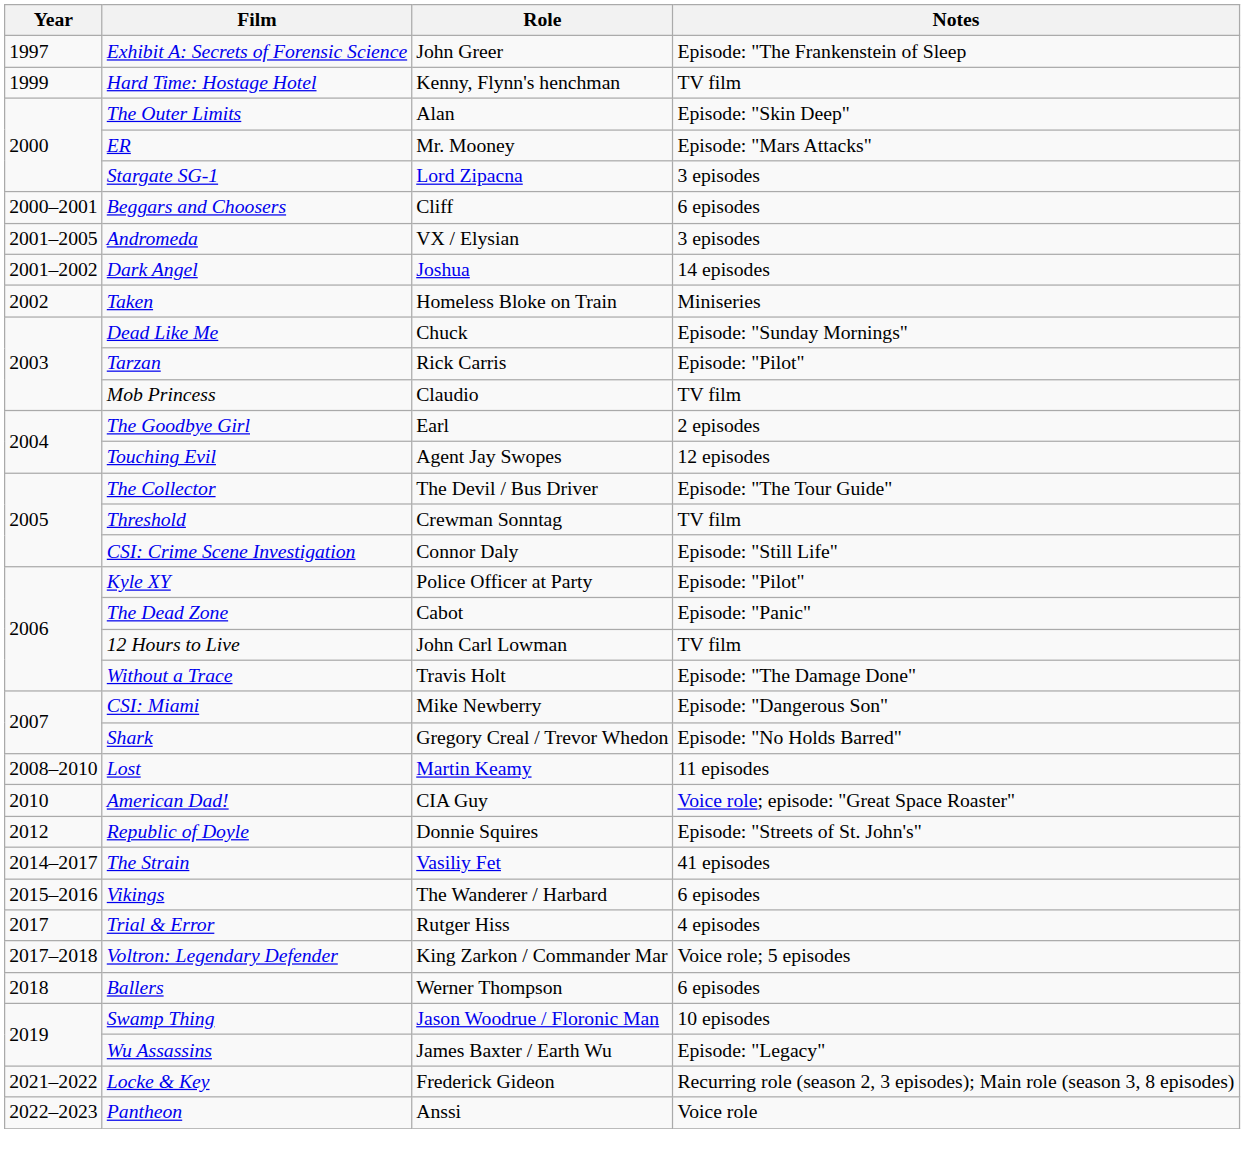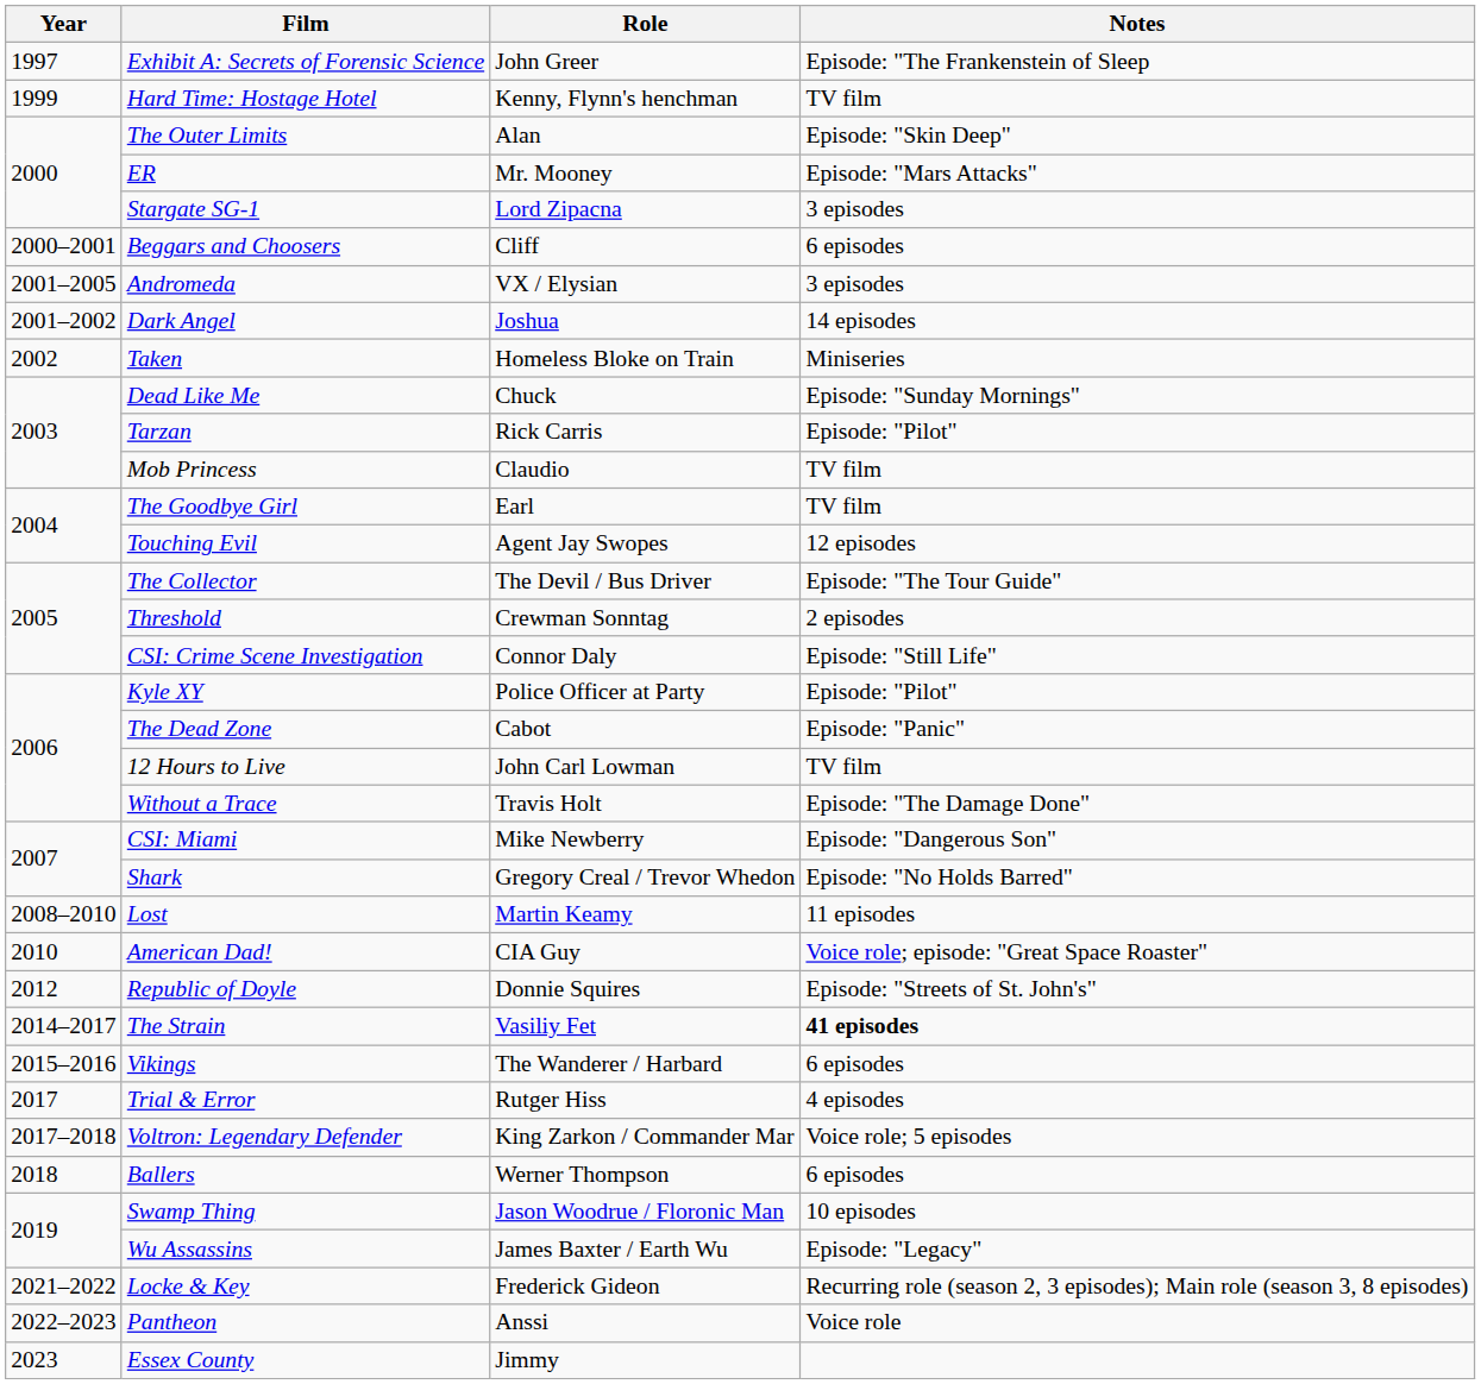 <table class="wikitable sortable">
 <tr>
 <th>Year</th>
 <th>Film</th>
 <th>Role</th>
 <th class="unsortable">Notes</th>
 </tr>
 <tr>
 <td>1997</td>
 <td><em><a href='#'>Exhibit A: Secrets of Forensic Science</a></em></td>
 <td>John Greer</td>
 <td>Episode: "The Frankenstein of Sleep</td>
 </tr>
 <tr>
 <td>1999</td>
 <td><em><a href='#'>Hard Time: Hostage Hotel</a></em></td>
 <td>Kenny, Flynn's henchman</td>
 <td>TV film</td>
 </tr>
 <tr>
 <td rowspan="3">2000</td>
 <td data-sort-value="Outer Limits, The"><em><a href='#'>The Outer Limits</a></em></td>
 <td>Alan</td>
 <td>Episode: "Skin Deep"</td>
 </tr>
 <tr>
 <td><em><a href='#'>ER</a></em></td>
 <td>Mr. Mooney</td>
 <td>Episode: "Mars Attacks"</td>
 </tr>
 <tr>
 <td><em><a href='#'>Stargate SG-1</a></em></td>
 <td><a href='#'>Lord Zipacna</a></td>
 <td>3 episodes</td>
 </tr>
 <tr>
 <td>2000–2001</td>
 <td><em><a href='#'>Beggars and Choosers</a></em></td>
 <td>Cliff</td>
 <td>6 episodes</td>
 </tr>
 <tr>
 <td>2001–2005</td>
 <td><em><a href='#'>Andromeda</a></em></td>
 <td>VX / Elysian</td>
 <td>3 episodes</td>
 </tr>
 <tr>
 <td>2001–2002</td>
 <td><em><a href='#'>Dark Angel</a></em></td>
 <td><a href='#'>Joshua</a></td>
 <td>14 episodes</td>
 </tr>
 <tr>
 <td>2002</td>
 <td><em><a href='#'>Taken</a></em></td>
 <td>Homeless Bloke on Train</td>
 <td>Miniseries</td>
 </tr>
 <tr>
 <td rowspan="3'">2003</td>
 <td><em><a href='#'>Dead Like Me</a></em></td>
 <td>Chuck</td>
 <td>Episode: "Sunday Mornings"</td>
 </tr>
 <tr>
 <td><em><a href='#'>Tarzan</a></em></td>
 <td>Rick Carris</td>
 <td>Episode: "Pilot"</td>
 </tr>
 <tr>
 <td><em>Mob Princess</em></td>
 <td>Claudio</td>
 <td>TV film</td>
 </tr>
 <tr>
 <td rowspan="2'">2004</td>
 <td data-sort-value="Goodbye Girl, The"><em><a href='#'>The Goodbye Girl</a></em></td>
 <td>Earl</td>
-<td>2 episodes</td>
+<td>TV film</td>
 </tr>
 <tr>
 <td><em><a href='#'>Touching Evil</a></em></td>
 <td>Agent Jay Swopes</td>
 <td>12 episodes</td>
 </tr>
 <tr>
 <td rowspan="3">2005</td>
 <td data-sort-value="Collector, The"><em><a href='#'>The Collector</a></em></td>
 <td>The Devil / Bus Driver</td>
 <td>Episode: "The Tour Guide"</td>
 </tr>
 <tr>
 <td><em><a href='#'>Threshold</a></em></td>
 <td>Crewman Sonntag</td>
-<td>TV film</td>
+<td>2 episodes</td>
 </tr>
 <tr>
 <td><em><a href='#'>CSI: Crime Scene Investigation</a></em></td>
 <td>Connor Daly</td>
 <td>Episode: "Still Life"</td>
 </tr>
 <tr>
 <td rowspan="4">2006</td>
 <td><em><a href='#'>Kyle XY</a></em></td>
 <td>Police Officer at Party</td>
 <td>Episode: "Pilot"</td>
 </tr>
 <tr>
 <td data-sort-value="Dead Zone, The"><em><a href='#'>The Dead Zone</a></em></td>
 <td>Cabot</td>
 <td>Episode: "Panic"</td>
 </tr>
 <tr>
 <td><em>12 Hours to Live</em></td>
 <td>John Carl Lowman</td>
 <td>TV film</td>
 </tr>
 <tr>
 <td><em><a href='#'>Without a Trace</a></em></td>
 <td>Travis Holt</td>
 <td>Episode: "The Damage Done"</td>
 </tr>
 <tr>
 <td rowspan="2'">2007</td>
 <td><em><a href='#'>CSI: Miami</a></em></td>
 <td>Mike Newberry</td>
 <td>Episode: "Dangerous Son"</td>
 </tr>
 <tr>
 <td><em><a href='#'>Shark</a></em></td>
 <td>Gregory Creal / Trevor Whedon</td>
 <td>Episode: "No Holds Barred"</td>
 </tr>
 <tr>
 <td>2008–2010</td>
 <td><em><a href='#'>Lost</a></em></td>
 <td><a href='#'>Martin Keamy</a></td>
 <td>11 episodes</td>
 </tr>
 <tr>
 <td>2010</td>
 <td><em><a href='#'>American Dad!</a></em></td>
 <td>CIA Guy</td>
 <td><a href='#'>Voice role</a>; episode: "Great Space Roaster"</td>
 </tr>
 <tr>
 <td>2012</td>
 <td><em><a href='#'>Republic of Doyle</a></em></td>
 <td>Donnie Squires</td>
 <td>Episode: "Streets of St. John's"</td>
 </tr>
 <tr>
 <td>2014–2017</td>
 <td data-sort-value="Strain, The"><em><a href='#'>The Strain</a></em></td>
 <td><a href='#'>Vasiliy Fet</a></td>
-<td>41 episodes</td>
+<td><strong>41 episodes</strong></td>
 </tr>
 <tr>
 <td>2015–2016</td>
 <td><em><a href='#'>Vikings</a></em></td>
 <td>The Wanderer / Harbard</td>
 <td>6 episodes</td>
 </tr>
 <tr>
 <td>2017</td>
 <td><em><a href='#'>Trial & Error</a></em></td>
 <td>Rutger Hiss</td>
 <td>4 episodes</td>
 </tr>
 <tr>
 <td>2017–2018</td>
 <td><em><a href='#'>Voltron: Legendary Defender</a></em></td>
 <td>King Zarkon / Commander Mar</td>
 <td>Voice role; 5 episodes</td>
 </tr>
 <tr>
 <td>2018</td>
 <td><em><a href='#'>Ballers</a></em></td>
 <td>Werner Thompson</td>
 <td>6 episodes</td>
 </tr>
 <tr>
 <td rowspan="2'">2019</td>
 <td><em><a href='#'>Swamp Thing</a></em></td>
 <td><a href='#'>Jason Woodrue / Floronic Man</a></td>
 <td>10 episodes</td>
 </tr>
 <tr>
 <td><em><a href='#'>Wu Assassins</a></em></td>
 <td>James Baxter / Earth Wu</td>
 <td>Episode: "Legacy"</td>
 </tr>
 <tr>
 <td>2021–2022</td>
 <td><em><a href='#'>Locke & Key</a></em></td>
 <td>Frederick Gideon</td>
 <td>Recurring role (season 2, 3 episodes); Main role (season 3, 8 episodes)</td>
 </tr>
 <tr>
 <td>2022–2023</td>
 <td><em><a href='#'>Pantheon</a></em></td>
 <td>Anssi</td>
 <td>Voice role</td>
 </tr>
+<tr>
+<td>2023</td>
+<td><em><a href='#'>Essex County</a></em></td>
+<td>Jimmy</td>
+<td></td>
+</tr>
 </table>
